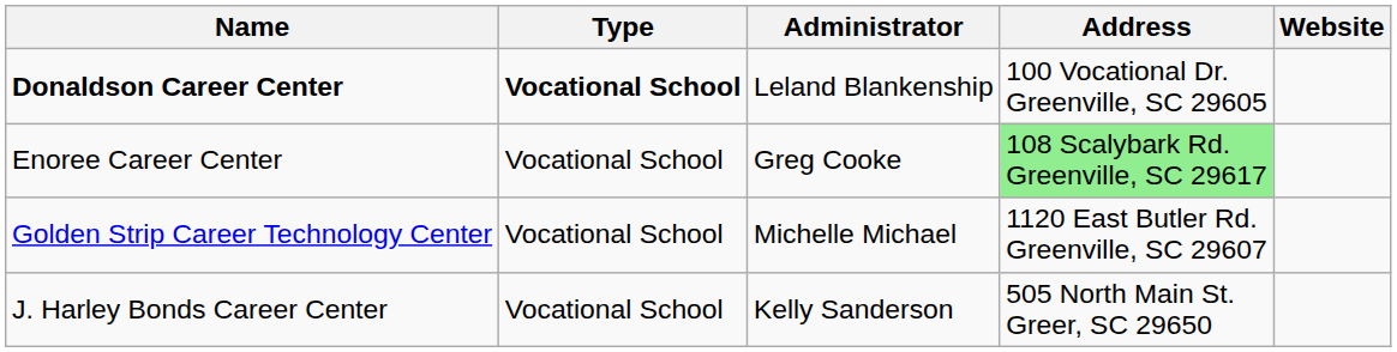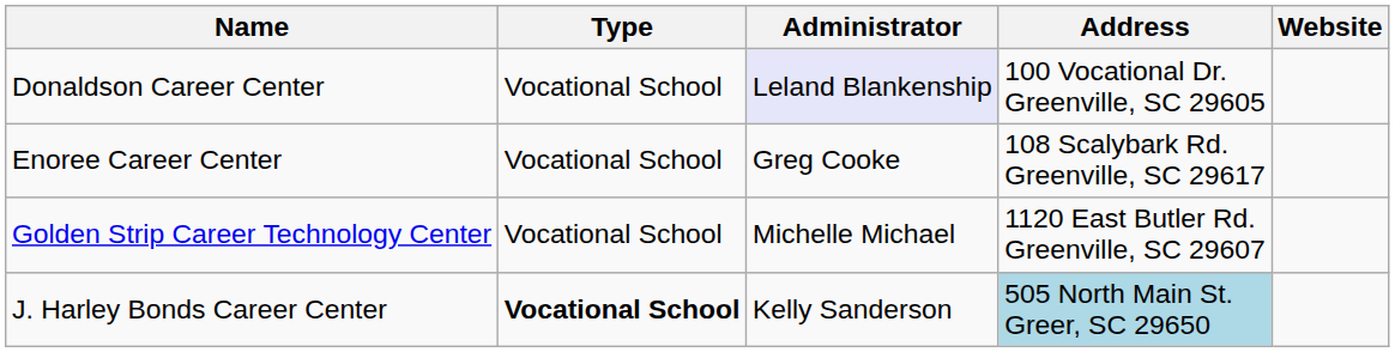 <table class="wikitable">
 <tr>
 <th>Name</th>
 <th>Type</th>
 <th>Administrator</th>
 <th>Address</th>
 <th>Website</th>
 </tr>
 <tr>
-<td><strong>Donaldson Career Center</strong></td>
-<td><strong>Vocational School</strong></td>
-<td>Leland Blankenship</td>
+<td>Donaldson Career Center</td>
+<td>Vocational School</td>
+<td style="background: lavender;">Leland Blankenship</td>
 <td>100 Vocational Dr.<br>Greenville, SC 29605</td>
 <td></td>
 </tr>
 <tr>
 <td>Enoree Career Center</td>
 <td>Vocational School</td>
 <td>Greg Cooke</td>
-<td style="background: lightgreen;">108 Scalybark Rd.<br>Greenville, SC 29617</td>
+<td>108 Scalybark Rd.<br>Greenville, SC 29617</td>
 <td></td>
 </tr>
 <tr>
 <td><a href='#'>Golden Strip Career Technology Center</a></td>
 <td>Vocational School</td>
 <td>Michelle Michael</td>
 <td>1120 East Butler Rd.<br>Greenville, SC 29607</td>
 <td></td>
 </tr>
 <tr>
 <td>J. Harley Bonds Career Center</td>
-<td>Vocational School</td>
+<td><strong>Vocational School</strong></td>
 <td>Kelly Sanderson</td>
-<td>505 North Main St.<br>Greer, SC 29650</td>
+<td style="background: lightblue;">505 North Main St.<br>Greer, SC 29650</td>
 <td></td>
 </tr>
 </table>
